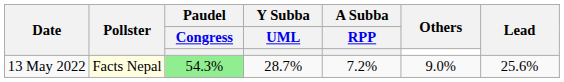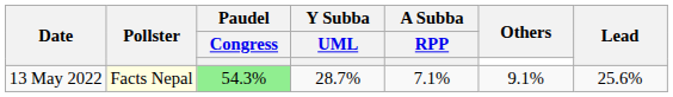 <table class="wikitable sortable" style="text-align:center;font-size:95%;line-height:16px">
 <tr>
 <th rowspan="3">Date</th>
 <th rowspan="3">Pollster</th>
 <th style="width:75px;">Paudel</th>
 <th style="width:75px;">Y Subba</th>
 <th style="width:75px;">A Subba</th>
 <th rowspan="2" style="width:75px;">Others</th>
 <th rowspan="3" style="width:75px;">Lead</th>
 </tr>
 <tr>
 <th><a href='#'>Congress</a></th>
 <th><a href='#'>UML</a></th>
 <th><a href='#'>RPP</a></th>
 </tr>
 <tr>
 <th style="background:"></th>
 <th style="background:"></th>
 <th style="background:"></th>
 <th style="background:white"></th>
 </tr>
 <tr>
 <td>13 May 2022</td>
 <td style="background: lightyellow;">Facts Nepal</td>
 <td style="background:lightgreen;">54.3%</td>
 <td>28.7%</td>
-<td>7.2%</td>
-<td>9.0%</td>
+<td>7.1%</td>
+<td>9.1%</td>
 <td style="background:">25.6%</td>
 </tr>
 </table>
